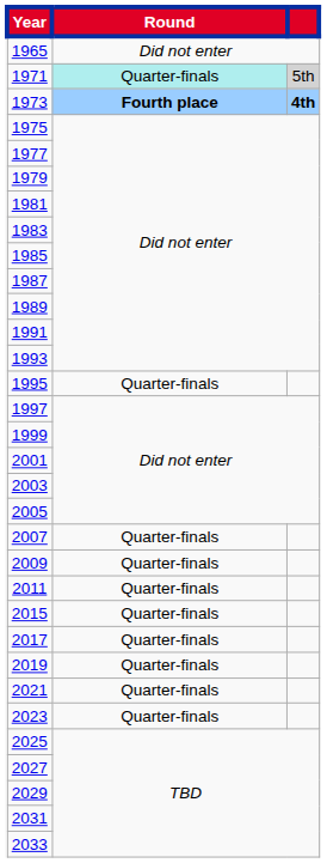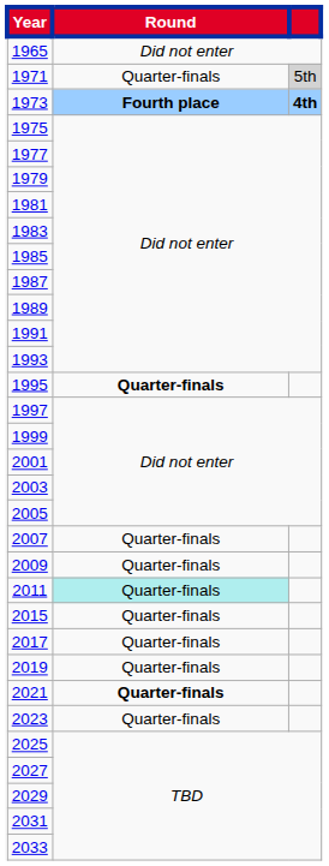 <table class="wikitable" style="text-align: center; font-size:90%">
 <tr style="color:white;">
 <th style="background:#e00025; border: 4px solid #032ea1;">Year</th>
 <th style="background:#e00025; border: 4px solid #032ea1; width:200px">Round</th>
 <th style="background:#e00025; border: 4px solid #032ea1;"></th>
 </tr>
 <tr>
 <td><a href='#'>1965</a></td>
 <td colspan="2"><em>Did not enter</em></td>
 </tr>
 <tr>
 <td><a href='#'>1971</a></td>
-<td style="background: paleturquoise;">Quarter-finals</td>
+<td>Quarter-finals</td>
 <td style="background: lightgrey;">5th</td>
 </tr>
 <tr>
 <td><a href='#'>1973</a></td>
 <td bgcolor="9acdff"><strong>Fourth place</strong></td>
 <td bgcolor="9acdff"><strong>4th</strong></td>
 </tr>
 <tr>
 <td><a href='#'>1975</a></td>
 <td colspan="2" rowspan="10"><em>Did not enter</em></td>
 </tr>
 <tr>
 <td><a href='#'>1977</a></td>
 </tr>
 <tr>
 <td><a href='#'>1979</a></td>
 </tr>
 <tr>
 <td><a href='#'>1981</a></td>
 </tr>
 <tr>
 <td><a href='#'>1983</a></td>
 </tr>
 <tr>
 <td><a href='#'>1985</a></td>
 </tr>
 <tr>
 <td><a href='#'>1987</a></td>
 </tr>
 <tr>
 <td><a href='#'>1989</a></td>
 </tr>
 <tr>
 <td><a href='#'>1991</a></td>
 </tr>
 <tr>
 <td><a href='#'>1993</a></td>
 </tr>
 <tr>
 <td><a href='#'>1995</a></td>
-<td>Quarter-finals</td>
+<td><strong>Quarter-finals</strong></td>
 <td></td>
 </tr>
 <tr>
 <td><a href='#'>1997</a></td>
 <td colspan="2" rowspan="5"><em>Did not enter</em></td>
 </tr>
 <tr>
 <td><a href='#'>1999</a></td>
 </tr>
 <tr>
 <td><a href='#'>2001</a></td>
 </tr>
 <tr>
 <td><a href='#'>2003</a></td>
 </tr>
 <tr>
 <td><a href='#'>2005</a></td>
 </tr>
 <tr>
 <td><a href='#'>2007</a></td>
 <td>Quarter-finals</td>
 <td></td>
 </tr>
 <tr>
 <td><a href='#'>2009</a></td>
 <td>Quarter-finals</td>
 <td></td>
 </tr>
 <tr>
 <td><a href='#'>2011</a></td>
-<td>Quarter-finals</td>
+<td style="background: paleturquoise;">Quarter-finals</td>
 <td></td>
 </tr>
 <tr>
 <td><a href='#'>2015</a></td>
 <td>Quarter-finals</td>
 <td></td>
 </tr>
 <tr>
 <td><a href='#'>2017</a></td>
 <td>Quarter-finals</td>
 <td></td>
 </tr>
 <tr>
 <td><a href='#'>2019</a></td>
 <td>Quarter-finals</td>
 <td></td>
 </tr>
 <tr>
 <td><a href='#'>2021</a></td>
-<td>Quarter-finals</td>
+<td><strong>Quarter-finals</strong></td>
 <td></td>
 </tr>
 <tr>
 <td><a href='#'>2023</a></td>
 <td>Quarter-finals</td>
 <td></td>
 </tr>
 <tr>
 <td><a href='#'>2025</a></td>
 <td colspan="2" rowspan="5"><em>TBD</em></td>
 </tr>
 <tr>
 <td><a href='#'>2027</a></td>
 </tr>
 <tr>
 <td><a href='#'>2029</a></td>
 </tr>
 <tr>
 <td><a href='#'>2031</a></td>
 </tr>
 <tr>
 <td><a href='#'>2033</a></td>
 </tr>
 </table>
